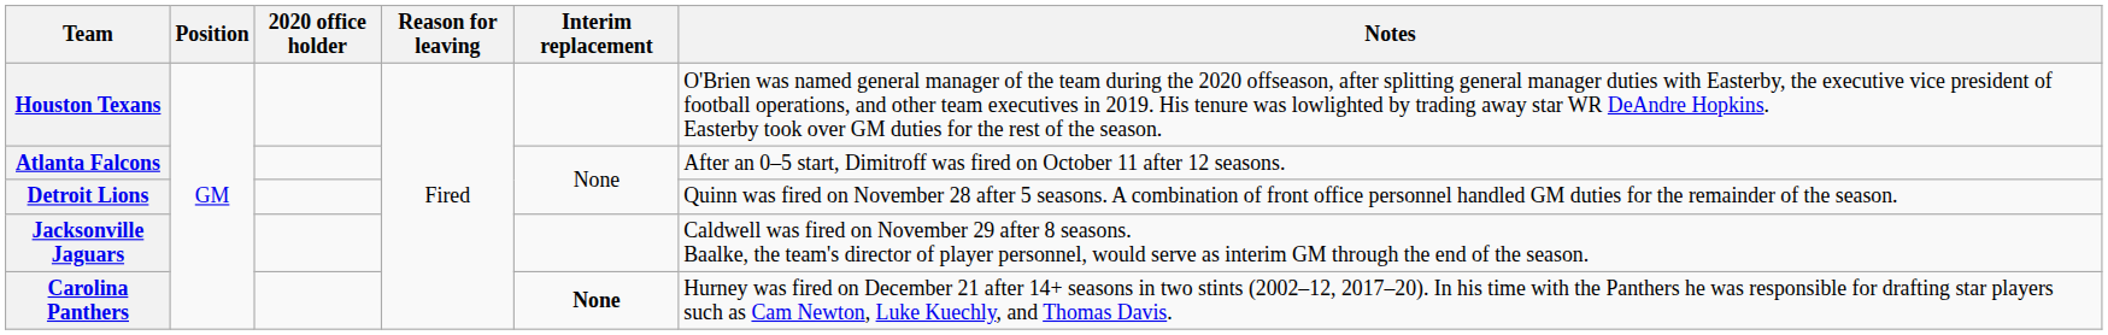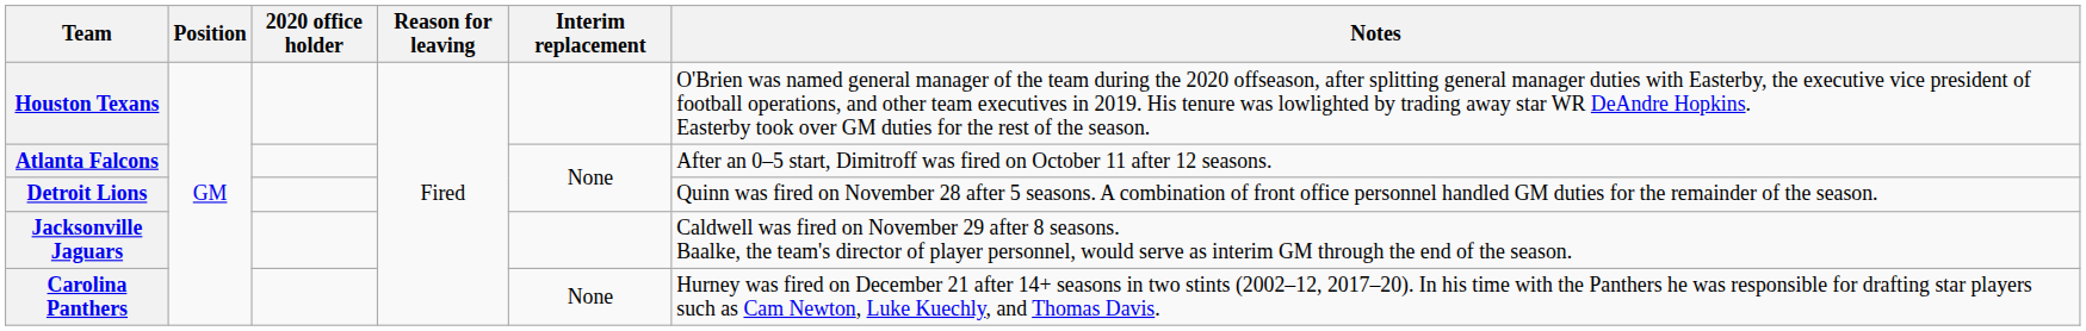 <table class="wikitable sortable plainrowheaders">
 <tr>
 <th>Team</th>
 <th>Position</th>
 <th>2020 office holder</th>
 <th>Reason for leaving</th>
 <th>Interim replacement</th>
 <th>Notes</th>
 </tr>
 <tr>
 <th scope="row" style="text-align:center;"><a href='#'>Houston Texans</a></th>
 <td style="text-align:center;" rowspan=5><a href='#'>GM</a></td>
 <td style="text-align:center;"></td>
 <td style="text-align:center;" rowspan="5">Fired</td>
 <td style="text-align:center;"></td>
 <td>O'Brien was named general manager of the team during the 2020 offseason, after splitting general manager duties with Easterby, the executive vice president of football operations, and other team executives in 2019. His tenure was lowlighted by trading away star WR <a href='#'>DeAndre Hopkins</a>.<br>Easterby took over GM duties for the rest of the season.</td>
 </tr>
 <tr>
 <th scope="row" style="text-align:center;"><a href='#'>Atlanta Falcons</a></th>
 <td style="text-align:center;"></td>
 <td rowspan="2" style="text-align:center;">None</td>
 <td>After an 0–5 start, Dimitroff was fired on October 11 after 12 seasons.</td>
 </tr>
 <tr>
 <th scope="row" style="text-align:center;"><a href='#'>Detroit Lions</a></th>
 <td style="text-align:center;"></td>
 <td>Quinn was fired on November 28 after 5 seasons. A combination of front office personnel handled GM duties for the remainder of the season.</td>
 </tr>
 <tr>
 <th scope="row"style="text-align:center;"><a href='#'>Jacksonville Jaguars</a></th>
 <td style="text-align:center;"></td>
 <td style="text-align:center;"></td>
 <td>Caldwell was fired on November 29 after 8 seasons.<br>Baalke, the team's director of player personnel, would serve as interim GM through the end of the season.</td>
 </tr>
 <tr>
 <th scope="row"style="text-align:center;"><a href='#'>Carolina Panthers</a></th>
 <td style="text-align:center;"></td>
-<td style="text-align:center;"><strong>None</strong></td>
+<td style="text-align:center;">None</td>
 <td>Hurney was fired on December 21 after 14+ seasons in two stints (2002–12, 2017–20). In his time with the Panthers he was responsible for drafting star players such as <a href='#'>Cam Newton</a>, <a href='#'>Luke Kuechly</a>, and <a href='#'>Thomas Davis</a>.</td>
 </tr>
 </table>
